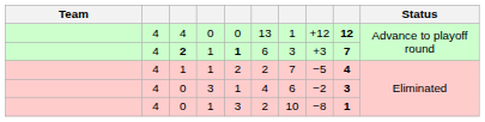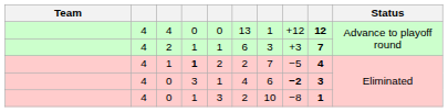 <table class="wikitable" style="text-align: center;">
 <tr>
 <th width="180">Team</th>
 <th width="30"></th>
 <th width="30"></th>
 <th width="30"></th>
 <th width="30"></th>
 <th width="30"></th>
 <th width="30"></th>
 <th width="30"></th>
 <th width="30"></th>
 <th width="155">Status</th>
 </tr>
 <tr bgcolor=#ccffcc>
 <td align=left></td>
 <td>4</td>
 <td>4</td>
 <td>0</td>
 <td>0</td>
 <td>13</td>
 <td>1</td>
 <td>+12</td>
 <td><strong>12</strong></td>
 <td rowspan=2>Advance to playoff round</td>
 </tr>
 <tr bgcolor=#ccffcc>
 <td align=left></td>
 <td>4</td>
-<td><strong>2</strong></td>
+<td>2</td>
 <td>1</td>
-<td><strong>1</strong></td>
+<td>1</td>
 <td>6</td>
 <td>3</td>
 <td>+3</td>
 <td><strong>7</strong></td>
 </tr>
 <tr bgcolor=#FFCCCC>
 <td align=left></td>
 <td>4</td>
 <td>1</td>
-<td>1</td>
+<td><strong>1</strong></td>
 <td>2</td>
 <td>2</td>
 <td>7</td>
 <td>−5</td>
 <td><strong>4</strong></td>
 <td rowspan=3>Eliminated</td>
 </tr>
 <tr bgcolor=#FFCCCC>
 <td align=left></td>
 <td>4</td>
 <td>0</td>
 <td>3</td>
 <td>1</td>
 <td>4</td>
 <td>6</td>
-<td>−2</td>
+<td><strong>−2</strong></td>
 <td><strong>3</strong></td>
 </tr>
 <tr bgcolor=#FFCCCC>
 <td align=left></td>
 <td>4</td>
 <td>0</td>
 <td>1</td>
 <td>3</td>
 <td>2</td>
 <td>10</td>
 <td>−8</td>
 <td><strong>1</strong></td>
 </tr>
 </table>
